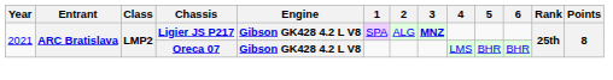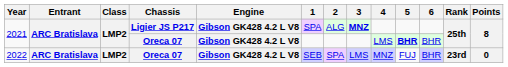 <table class="wikitable" style="text-align:center; font-size:90%">
 <tr>
 <th>Year</th>
 <th>Entrant</th>
 <th>Class</th>
 <th>Chassis</th>
 <th>Engine</th>
 <th>1</th>
 <th>2</th>
 <th>3</th>
 <th>4</th>
 <th>5</th>
 <th>6</th>
 <th>Rank</th>
 <th>Points</th>
 </tr>
 <tr>
 <td rowspan=2><a href='#'>2021</a></td>
 <th rowspan=2><a href='#'>ARC Bratislava</a></th>
 <th rowspan=2>LMP2</th>
 <th><a href='#'>Ligier JS P217</a></th>
 <th><a href='#'>Gibson</a> GK428 4.2 L V8</th>
 <td style="background:#EFCFFF;"><a href='#'>SPA</a><br></td>
 <td style="background:#DFFFDF;"><a href='#'>ALG</a><br></td>
 <td style="background:#DFFFDF;"><strong><a href='#'>MNZ</a><br></strong></td>
 <td></td>
 <td></td>
 <td></td>
 <th rowspan=2>25th</th>
 <th rowspan=2>8</th>
 </tr>
 <tr>
 <th><a href='#'>Oreca 07</a></th>
 <th><a href='#'>Gibson</a> GK428 4.2 L V8</th>
 <td></td>
 <td></td>
 <td></td>
 <td style="background:#DFFFDF;"><a href='#'>LMS</a><br></td>
-<td style="background:#DFFFDF;"><a href='#'>BHR</a><br></td>
+<td style="background:#DFFFDF;"><strong><a href='#'>BHR</a><br></strong></td>
 <td style="background:#DFFFDF;"><a href='#'>BHR</a><br></td>
 </tr>
+<tr>
+<td><a href='#'>2022</a></td>
+<th><a href='#'>ARC Bratislava</a></th>
+<th>LMP2</th>
+<th><a href='#'>Oreca 07</a></th>
+<th><a href='#'>Gibson</a> GK428 4.2 L V8</th>
+<td style="background:#CFCFFF;"><a href='#'>SEB</a><br></td>
+<td style="background:#EFCFFF;"><a href='#'>SPA</a><br></td>
+<td style="background:#CFCFFF;"><a href='#'>LMS</a><br></td>
+<td style="background:#CFCFFF;"><a href='#'>MNZ</a><br></td>
+<td style="background:#;"><a href='#'>FUJ</a></td>
+<td style="background:#CFCFFF;"><a href='#'>BHR</a><br></td>
+<th>23rd</th>
+<th>0</th>
+</tr>
 </table>
